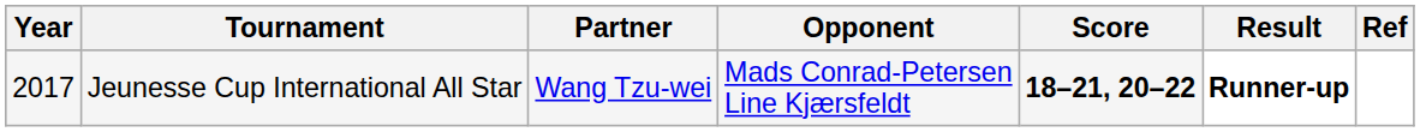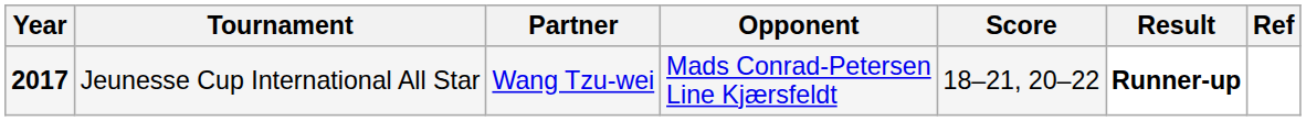 <table class="sortable wikitable" style="font-size: 90%">
 <tr>
 <th>Year</th>
 <th>Tournament</th>
 <th>Partner</th>
 <th>Opponent</th>
 <th>Score</th>
 <th>Result</th>
 <th>Ref</th>
 </tr>
 <tr style="background:#F5F5F5">
-<td align="center">2017</td>
+<td align="center"><strong>2017</strong></td>
 <td align="left">Jeunesse Cup International All Star</td>
 <td align="left"> <a href='#'>Wang Tzu-wei</a></td>
 <td align="left"> <a href='#'>Mads Conrad-Petersen</a><br> <a href='#'>Line Kjærsfeldt</a></td>
-<td align="left"><strong>18–21, 20–22</strong></td>
+<td align="left">18–21, 20–22</td>
 <td style="text-align:left; background:white"> <strong>Runner-up</strong></td>
 <td style="text-align:center; background:white"></td>
 </tr>
 </table>
